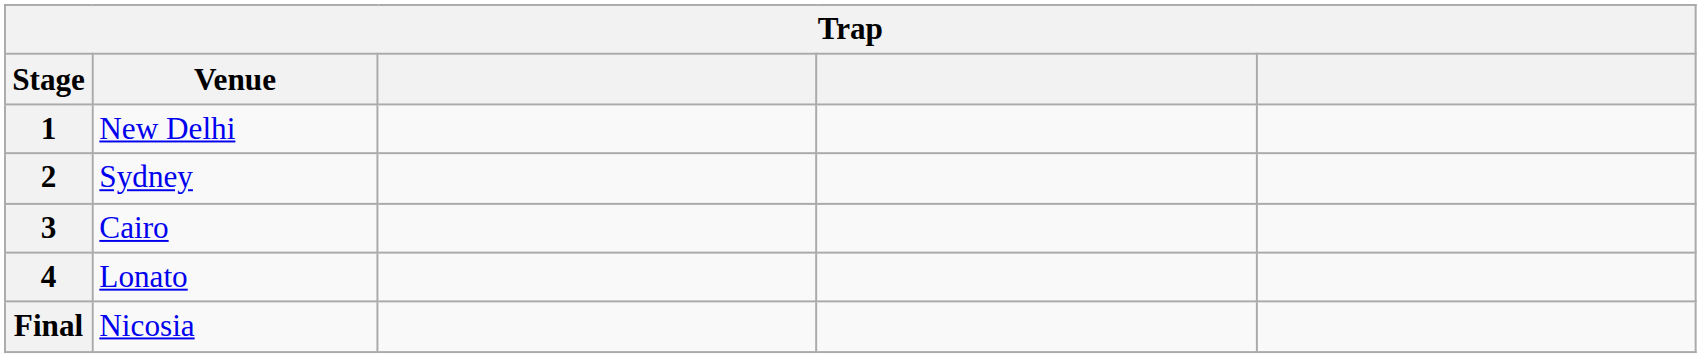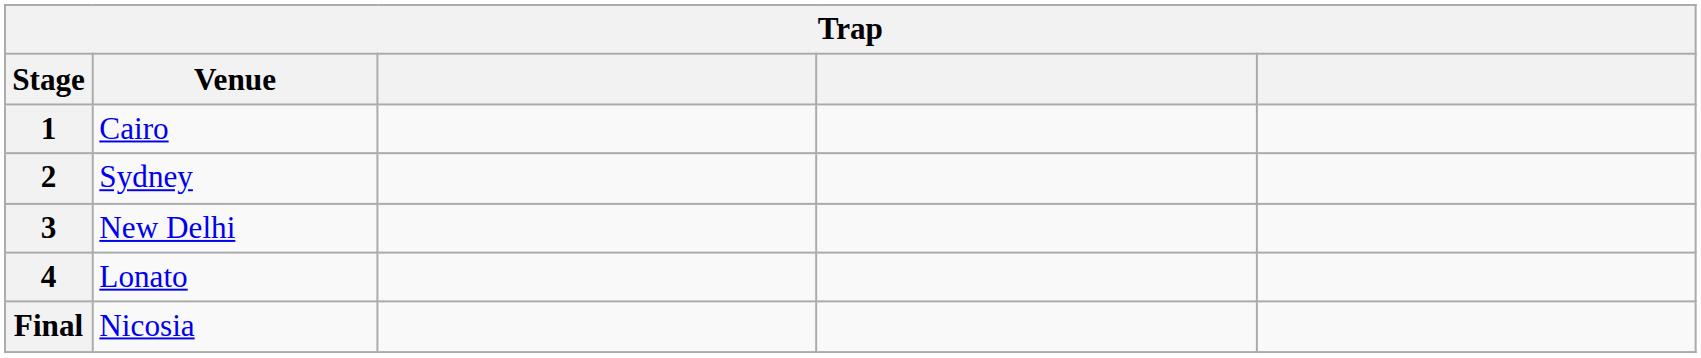 <table class="wikitable">
 <tr>
 <th colspan="5">Trap</th>
 </tr>
 <tr>
 <th>Stage</th>
 <th width=140>Venue</th>
 <th width=220></th>
 <th width=220></th>
 <th width=220></th>
 </tr>
 <tr>
 <th>1</th>
-<td> <a href='#'>New Delhi</a></td>
+<td> <a href='#'>Cairo</a></td>
 <td></td>
 <td></td>
 <td></td>
 </tr>
 <tr>
 <th>2</th>
 <td> <a href='#'>Sydney</a></td>
 <td></td>
 <td></td>
 <td></td>
 </tr>
 <tr>
 <th>3</th>
-<td> <a href='#'>Cairo</a></td>
+<td> <a href='#'>New Delhi</a></td>
 <td></td>
 <td></td>
 <td></td>
 </tr>
 <tr>
 <th>4</th>
 <td> <a href='#'>Lonato</a></td>
 <td></td>
 <td></td>
 <td></td>
 </tr>
 <tr>
 <th>Final</th>
 <td> <a href='#'>Nicosia</a></td>
 <td></td>
 <td></td>
 <td></td>
 </tr>
 </table>
